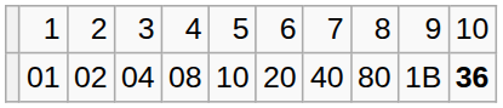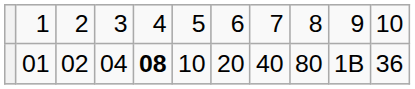 <table class="wikitable floatright">
 <tr style="text-align:right;">
 <th></th>
 <td>1</td>
 <td>2</td>
 <td>3</td>
 <td>4</td>
 <td>5</td>
 <td>6</td>
 <td>7</td>
 <td>8</td>
 <td>9</td>
 <td>10</td>
 </tr>
 <tr style="text-align:right;">
 <th></th>
 <td>01</td>
 <td>02</td>
 <td>04</td>
-<td>08</td>
+<td><strong>08</strong></td>
 <td>10</td>
 <td>20</td>
 <td>40</td>
 <td>80</td>
 <td>1B</td>
-<td><strong>36</strong></td>
+<td>36</td>
 </tr>
 </table>
